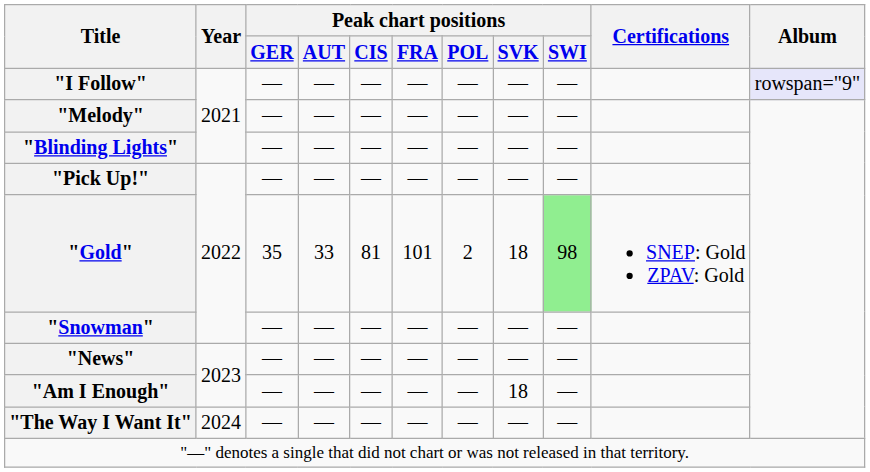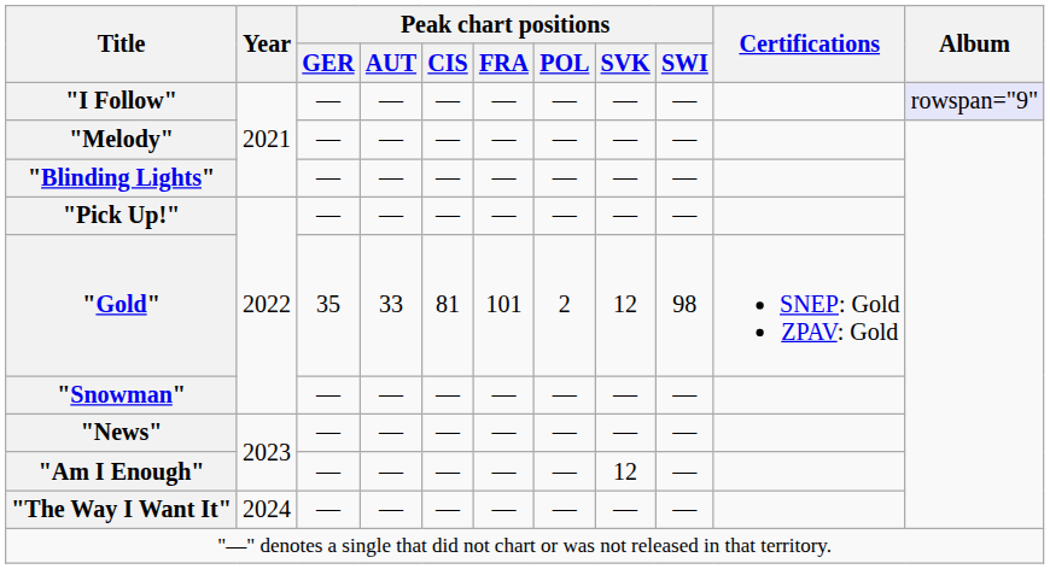 <table class="wikitable plainrowheaders" style="text-align:center;">
 <tr>
 <th scope="col" rowspan="2">Title</th>
 <th scope="col" rowspan="2">Year</th>
 <th scope="col" colspan="7">Peak chart positions</th>
 <th scope="col" rowspan="2"><a href='#'>Certifications</a></th>
 <th scope="col" rowspan="2">Album</th>
 </tr>
 <tr>
 <th scope="col"><a href='#'>GER</a><br></th>
 <th scope="col"><a href='#'>AUT</a><br></th>
 <th scope="col"><a href='#'>CIS</a><br></th>
 <th scope="col"><a href='#'>FRA</a><br></th>
 <th scope="col"><a href='#'>POL</a><br></th>
 <th scope="col"><a href='#'>SVK</a><br></th>
 <th scope="col"><a href='#'>SWI</a><br></th>
 </tr>
 <tr>
 <th scope="row">"I Follow"</th>
 <td rowspan="3">2021</td>
 <td>—</td>
 <td>—</td>
 <td>—</td>
 <td>—</td>
 <td>—</td>
 <td>—</td>
 <td>—</td>
 <td></td>
 <td style="background: lavender;">rowspan="9" </td>
 </tr>
 <tr>
 <th scope="row">"Melody"</th>
 <td>—</td>
 <td>—</td>
 <td>—</td>
 <td>—</td>
 <td>—</td>
 <td>—</td>
 <td>—</td>
 <td></td>
 </tr>
 <tr>
 <th scope="row">"<a href='#'>Blinding Lights</a>"</th>
 <td>—</td>
 <td>—</td>
 <td>—</td>
 <td>—</td>
 <td>—</td>
 <td>—</td>
 <td>—</td>
 <td></td>
 </tr>
 <tr>
 <th scope="row">"Pick Up!"</th>
 <td rowspan="3">2022</td>
 <td>—</td>
 <td>—</td>
 <td>—</td>
 <td>—</td>
 <td>—</td>
 <td>—</td>
 <td>—</td>
 <td></td>
 </tr>
 <tr>
 <th scope="row">"<a href='#'>Gold</a>"</th>
 <td>35</td>
 <td>33</td>
 <td>81</td>
 <td>101</td>
 <td>2</td>
-<td>18</td>
-<td style="background: lightgreen;">98</td>
+<td>12</td>
+<td>98</td>
 <td><br><ul><li><a href='#'>SNEP</a>: Gold</li><li><a href='#'>ZPAV</a>: Gold</li></ul></td>
 </tr>
 <tr>
 <th scope="row">"<a href='#'>Snowman</a>"</th>
 <td>—</td>
 <td>—</td>
 <td>—</td>
 <td>—</td>
 <td>—</td>
 <td>—</td>
 <td>—</td>
 <td></td>
 </tr>
 <tr>
 <th scope="row">"News"</th>
 <td rowspan="2">2023</td>
 <td>—</td>
 <td>—</td>
 <td>—</td>
 <td>—</td>
 <td>—</td>
 <td>—</td>
 <td>—</td>
 <td></td>
 </tr>
 <tr>
 <th scope="row">"Am I Enough"</th>
 <td>—</td>
 <td>—</td>
 <td>—</td>
 <td>—</td>
 <td>—</td>
-<td>18</td>
+<td>12</td>
 <td>—</td>
 <td></td>
 </tr>
 <tr>
 <th scope="row">"The Way I Want It"</th>
 <td>2024</td>
 <td>—</td>
 <td>—</td>
 <td>—</td>
 <td>—</td>
 <td>—</td>
 <td>—</td>
 <td>—</td>
 <td></td>
 </tr>
 <tr>
 <td colspan="11" style="font-size:85%">"—" denotes a single that did not chart or was not released in that territory.</td>
 </tr>
 </table>
